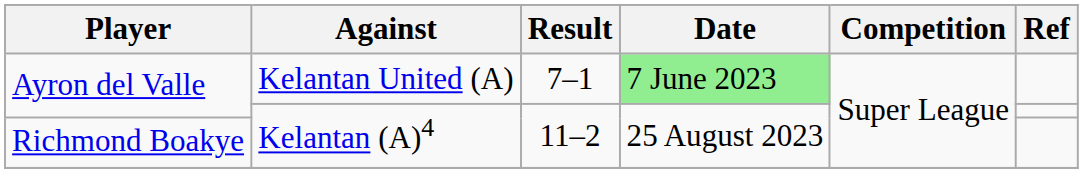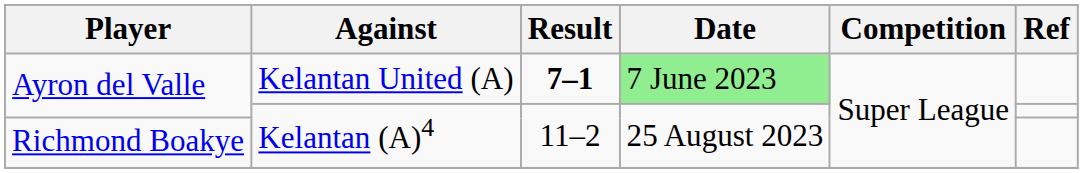 <table class="wikitable">
 <tr>
 <th>Player</th>
 <th>Against</th>
 <th>Result</th>
 <th>Date</th>
 <th>Competition</th>
 <th>Ref</th>
 </tr>
 <tr>
 <td rowspan="2"> <a href='#'>Ayron del Valle</a></td>
 <td><a href='#'>Kelantan United</a> (A)</td>
-<td align="center">7–1</td>
+<td align="center"><strong>7–1</strong></td>
 <td style="background: lightgreen;">7 June 2023</td>
 <td rowspan="3">Super League</td>
 <td></td>
 </tr>
 <tr>
 <td rowspan="2"><a href='#'>Kelantan</a> (A)<sup>4</sup></td>
 <td rowspan="2" align="center">11–2</td>
 <td rowspan="2">25 August 2023</td>
 <td></td>
 </tr>
 <tr>
 <td> <a href='#'>Richmond Boakye</a></td>
 <td></td>
 </tr>
 <tr>
 </tr>
 </table>
